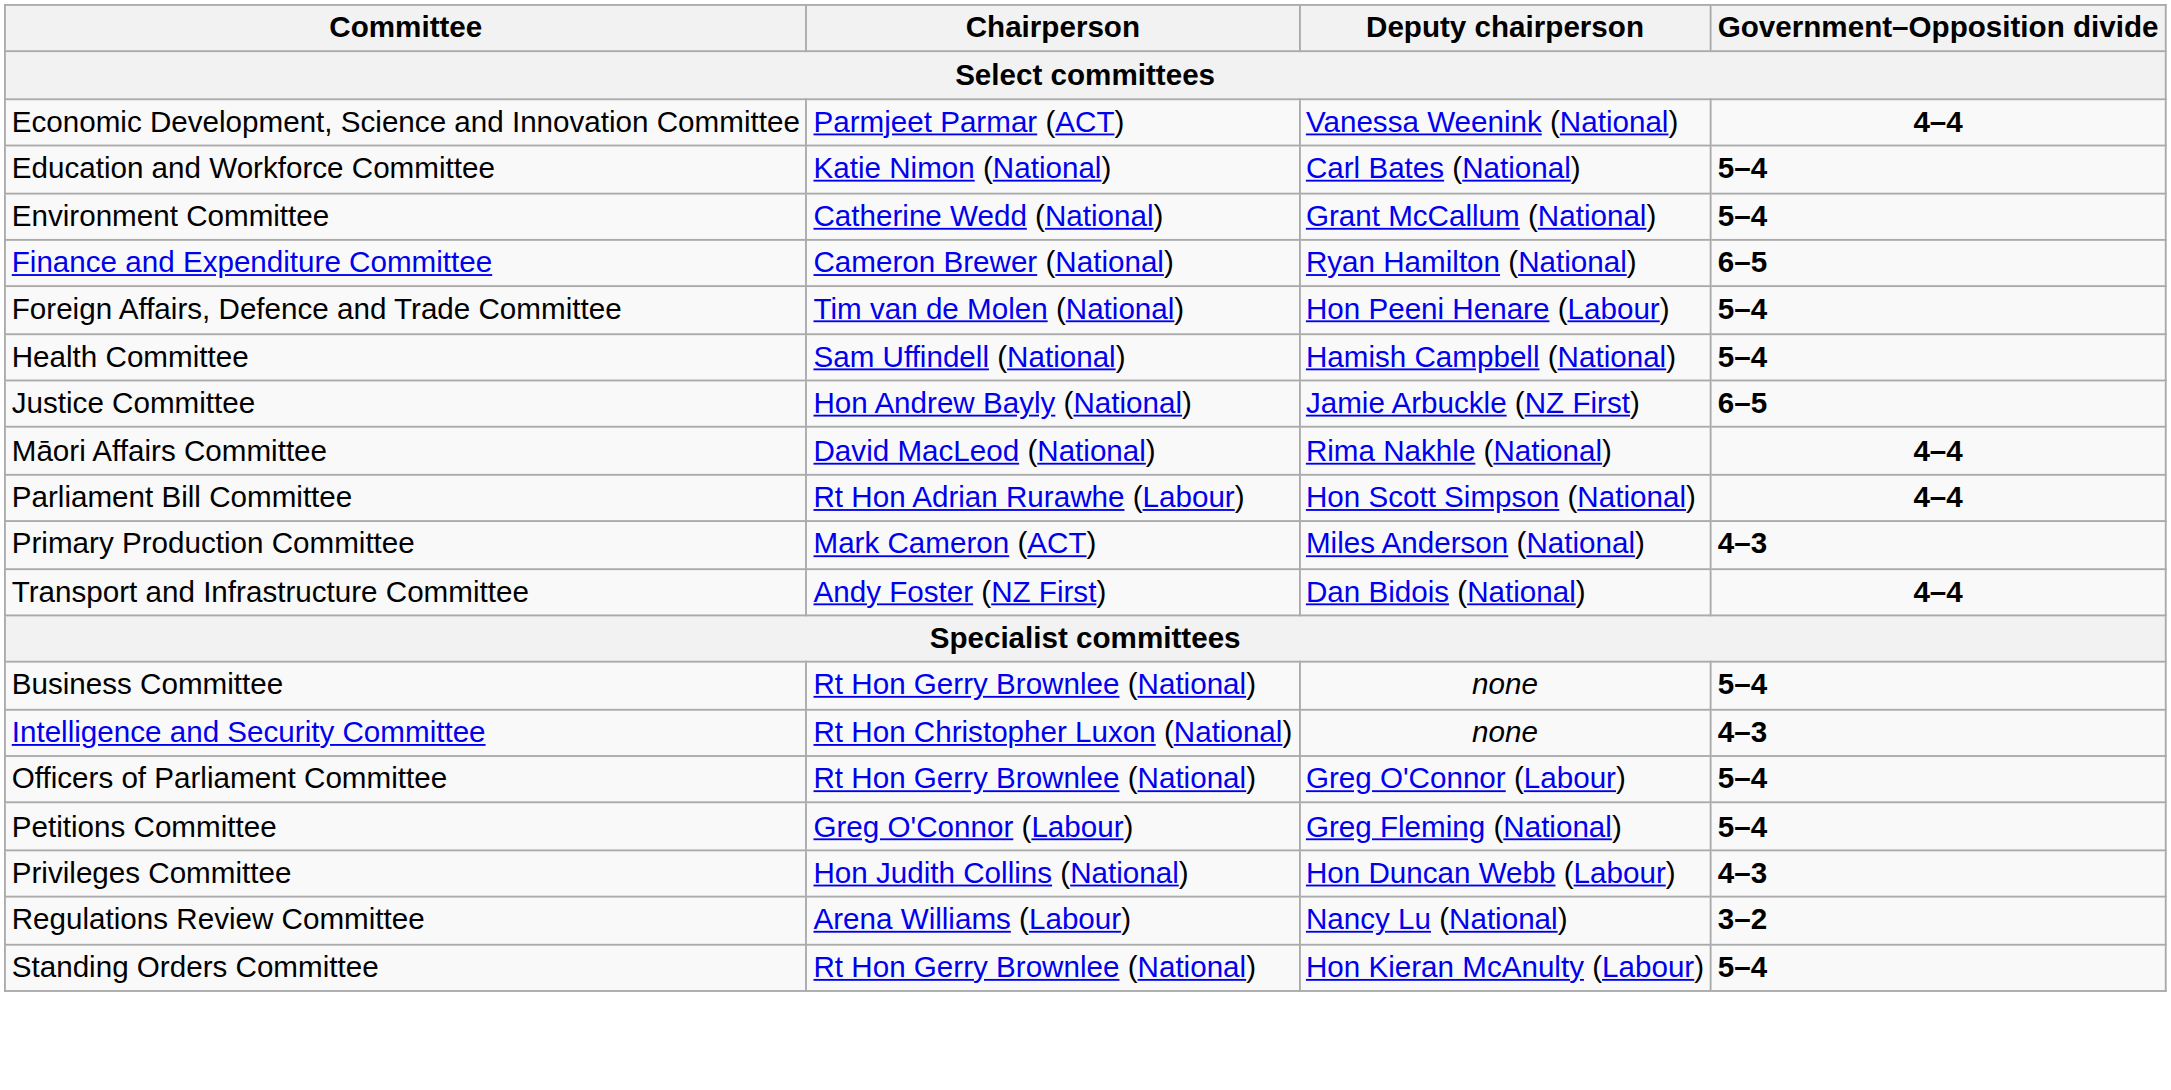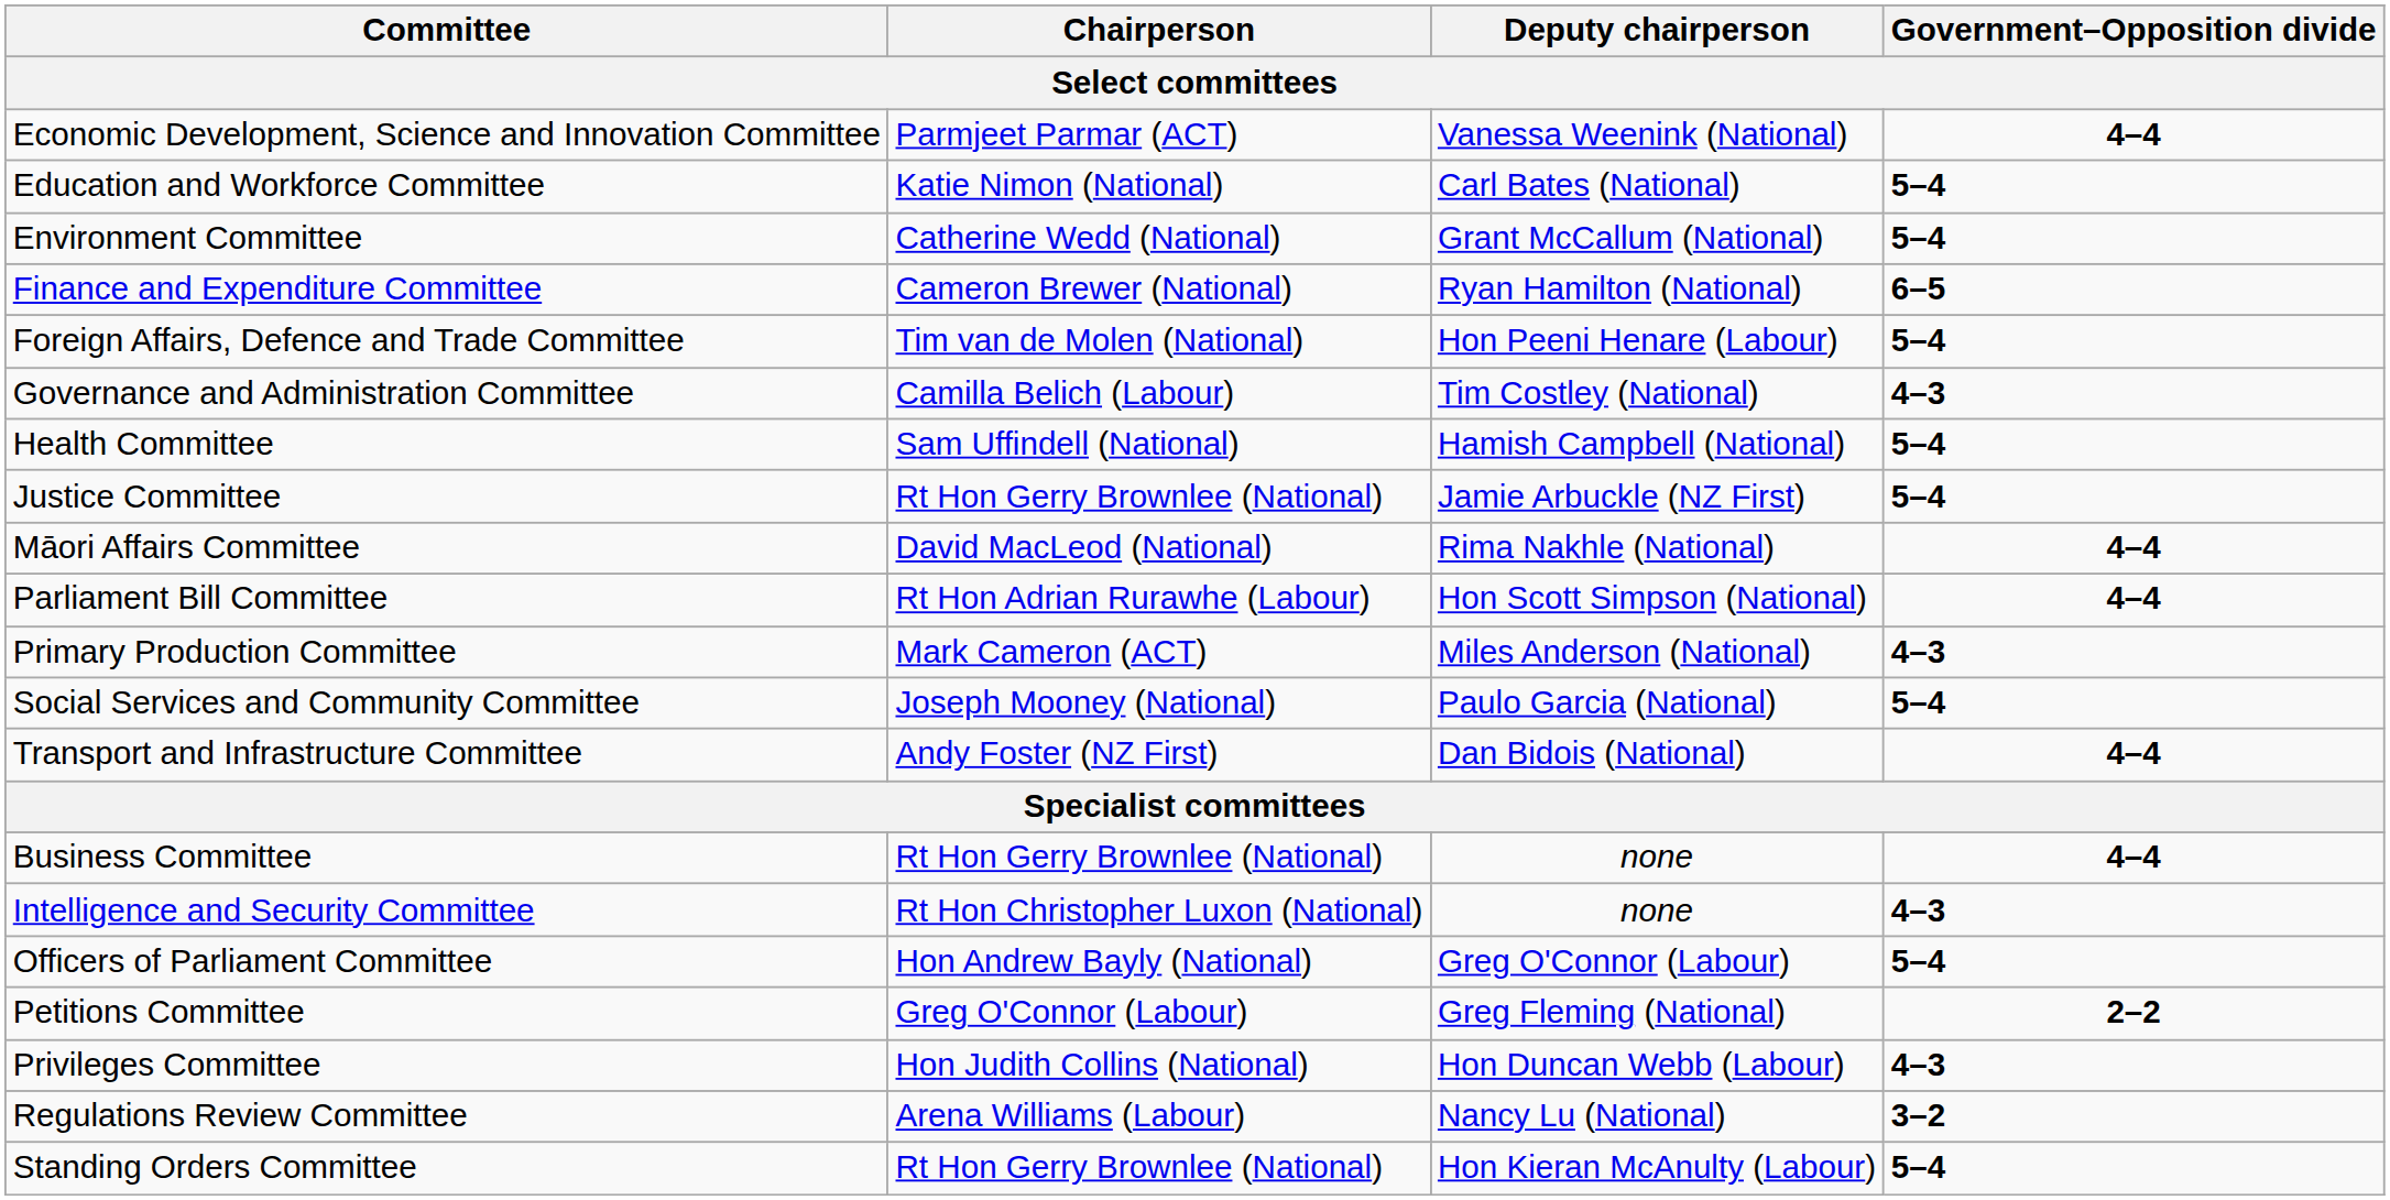 <table class="wikitable">
 <tr>
 <th>Committee</th>
 <th>Chairperson</th>
 <th>Deputy chairperson</th>
 <th>Government–Opposition divide</th>
 </tr>
 <tr>
 <th colspan="4">Select committees</th>
 </tr>
 <tr>
 <td>Economic Development, Science and Innovation Committee</td>
 <td style="background:"><a href='#'>Parmjeet Parmar</a> (<a href='#'>ACT</a>)</td>
 <td style="background:"><a href='#'>Vanessa Weenink</a> (<a href='#'>National</a>)</td>
 <td style="text-align:center;"><strong>4–4</strong></td>
 </tr>
 <tr>
 <td>Education and Workforce Committee</td>
 <td style="background:"><a href='#'>Katie Nimon</a> (<a href='#'>National</a>)</td>
 <td style="background:"><a href='#'>Carl Bates</a> (<a href='#'>National</a>)</td>
 <td style="background:"><strong>5–4</strong></td>
 </tr>
 <tr>
 <td>Environment Committee</td>
 <td style="background:"><a href='#'>Catherine Wedd</a> (<a href='#'>National</a>)</td>
 <td style="background:"><a href='#'>Grant McCallum</a> (<a href='#'>National</a>)</td>
 <td style="background:"><strong>5–4</strong></td>
 </tr>
 <tr>
 <td><a href='#'>Finance and Expenditure Committee</a></td>
 <td style="background:"><a href='#'>Cameron Brewer</a> (<a href='#'>National</a>)</td>
 <td style="background:"><a href='#'>Ryan Hamilton</a> (<a href='#'>National</a>)</td>
 <td style="background:"><strong>6–5</strong></td>
 </tr>
 <tr>
 <td>Foreign Affairs, Defence and Trade Committee</td>
 <td style="background:"><a href='#'>Tim van de Molen</a> (<a href='#'>National</a>)</td>
 <td style="background:"><a href='#'>Hon Peeni Henare</a> (<a href='#'>Labour</a>)</td>
 <td style="background:"><strong>5–4</strong></td>
 </tr>
 <tr>
+<td>Governance and Administration Committee</td>
+<td style="background:"><a href='#'>Camilla Belich</a> (<a href='#'>Labour</a>)</td>
+<td style="background:"><a href='#'>Tim Costley</a> (<a href='#'>National</a>)</td>
+<td style="background:"><strong>4–3</strong></td>
+</tr>
+<tr>
 <td>Health Committee</td>
 <td style="background:"><a href='#'>Sam Uffindell</a> (<a href='#'>National</a>)</td>
 <td style="background:"><a href='#'>Hamish Campbell</a> (<a href='#'>National</a>)</td>
 <td style="background:"><strong>5–4</strong></td>
 </tr>
 <tr>
 <td>Justice Committee</td>
-<td style="background:"><a href='#'>Hon Andrew Bayly</a> (<a href='#'>National</a>)</td>
+<td style="background:"><a href='#'>Rt Hon Gerry Brownlee</a> (<a href='#'>National</a>)</td>
 <td style="background:"><a href='#'>Jamie Arbuckle</a> (<a href='#'>NZ First</a>)</td>
-<td style="background:"><strong>6–5</strong></td>
+<td style="background:"><strong>5–4</strong></td>
 </tr>
 <tr>
 <td>Māori Affairs Committee</td>
 <td style="background:"><a href='#'>David MacLeod</a> (<a href='#'>National</a>)</td>
 <td style="background:"><a href='#'>Rima Nakhle</a> (<a href='#'>National</a>)</td>
 <td style="text-align:center;"><strong>4–4</strong></td>
 </tr>
 <tr>
 <td>Parliament Bill Committee</td>
 <td style="background:"><a href='#'>Rt Hon Adrian Rurawhe</a> (<a href='#'>Labour</a>)</td>
 <td style="background:"><a href='#'>Hon Scott Simpson</a> (<a href='#'>National</a>)</td>
 <td style="text-align:center;"><strong>4–4</strong></td>
 </tr>
 <tr>
 <td>Primary Production Committee</td>
 <td style="background:"><a href='#'>Mark Cameron</a> (<a href='#'>ACT</a>)</td>
 <td style="background:"><a href='#'>Miles Anderson</a> (<a href='#'>National</a>)</td>
 <td style="background:"><strong>4–3</strong></td>
 </tr>
 <tr>
+<td>Social Services and Community Committee</td>
+<td style="background:"><a href='#'>Joseph Mooney</a> (<a href='#'>National</a>)</td>
+<td style="background:"><a href='#'>Paulo Garcia</a> (<a href='#'>National</a>)</td>
+<td style="background:"><strong>5–4</strong></td>
+</tr>
+<tr>
 <td>Transport and Infrastructure Committee</td>
 <td style="background:"><a href='#'>Andy Foster</a> (<a href='#'>NZ First</a>)</td>
 <td style="background:"><a href='#'>Dan Bidois</a> (<a href='#'>National</a>)</td>
 <td style="text-align:center;"><strong>4–4</strong></td>
 </tr>
 <tr>
 <th colspan="4">Specialist committees</th>
 </tr>
 <tr>
 <td>Business Committee</td>
 <td style="background:"><a href='#'>Rt Hon Gerry Brownlee</a> (<a href='#'>National</a>)</td>
 <td style="text-align:center;"><em>none</em></td>
-<td style="background:"><strong>5–4</strong></td>
+<td style="text-align:center;"><strong>4–4</strong></td>
 </tr>
 <tr>
 <td><a href='#'>Intelligence and Security Committee</a></td>
 <td style="background:"><a href='#'>Rt Hon Christopher Luxon</a> (<a href='#'>National</a>)</td>
 <td style="text-align:center;"><em>none</em></td>
 <td style="background:"><strong>4–3</strong></td>
 </tr>
 <tr>
 <td>Officers of Parliament Committee</td>
-<td style="background:"><a href='#'>Rt Hon Gerry Brownlee</a> (<a href='#'>National</a>)</td>
+<td style="background:"><a href='#'>Hon Andrew Bayly</a> (<a href='#'>National</a>)</td>
 <td style="background:"><a href='#'>Greg O'Connor</a> (<a href='#'>Labour</a>)</td>
 <td style="background:"><strong>5–4</strong></td>
 </tr>
 <tr>
 <td>Petitions Committee</td>
 <td style="background:"><a href='#'>Greg O'Connor</a> (<a href='#'>Labour</a>)</td>
 <td style="background:"><a href='#'>Greg Fleming</a> (<a href='#'>National</a>)</td>
-<td style="background:"><strong>5–4</strong></td>
+<td style="text-align:center;"><strong>2–2</strong></td>
 </tr>
 <tr>
 <td>Privileges Committee</td>
 <td style="background:"><a href='#'>Hon Judith Collins</a> (<a href='#'>National</a>)</td>
 <td style="background:"><a href='#'>Hon Duncan Webb</a> (<a href='#'>Labour</a>)</td>
 <td style="background:"><strong>4–3</strong></td>
 </tr>
 <tr>
 <td>Regulations Review Committee</td>
 <td style="background:"><a href='#'>Arena Williams</a> (<a href='#'>Labour</a>)</td>
 <td style="background:"><a href='#'>Nancy Lu</a> (<a href='#'>National</a>)</td>
 <td style="background:"><strong>3–2</strong></td>
 </tr>
 <tr>
 <td>Standing Orders Committee</td>
 <td style="background:"><a href='#'>Rt Hon Gerry Brownlee</a> (<a href='#'>National</a>)</td>
 <td style="background:"><a href='#'>Hon Kieran McAnulty</a> (<a href='#'>Labour</a>)</td>
 <td style="background:"><strong>5–4</strong></td>
 </tr>
 </table>
